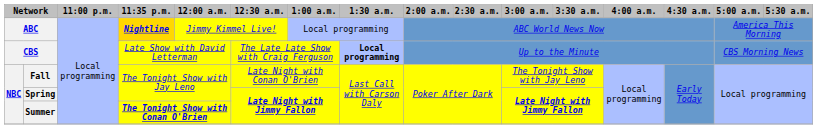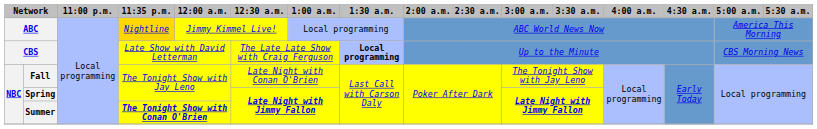 <table class="wikitable" style="width:100%;margin-right:0;text-align:center">
 <tr>
 <th colspan="2" style="background-color:#C0C0C0;text-align:center">Network</th>
 <th style="background-color:#C0C0C0;text-align:center">11:00 p.m.</th>
 <th style="background-color:#C0C0C0;text-align:center">11:35 p.m.</th>
 <th style="background-color:#C0C0C0;text-align:center">12:00 a.m.</th>
 <th style="background-color:#C0C0C0;text-align:center">12:30 a.m.</th>
 <th style="background-color:#C0C0C0;text-align:center">1:00 a.m.</th>
 <th style="background-color:#C0C0C0;text-align:center">1:30 a.m.</th>
 <th style="background-color:#C0C0C0;text-align:center">2:00 a.m.</th>
 <th style="background-color:#C0C0C0;text-align:center">2:30 a.m.</th>
 <th style="background-color:#C0C0C0;text-align:center">3:00 a.m.</th>
 <th style="background-color:#C0C0C0;text-align:center">3:30 a.m.</th>
 <th style="background-color:#C0C0C0;text-align:center">4:00 a.m.</th>
 <th style="background-color:#C0C0C0;text-align:center">4:30 a.m.</th>
 <th style="background-color:#C0C0C0;text-align:center">5:00 a.m.</th>
 <th style="background-color:#C0C0C0;text-align:center">5:30 a.m.</th>
 </tr>
 <tr>
 <th colspan="2"><a href='#'>ABC</a></th>
 <td style="background:#abbfff;" rowspan="5">Local programming</td>
-<td style="background:gold"><strong><em><a href='#'>Nightline</a></em></strong></td>
+<td style="background:gold"><em><a href='#'>Nightline</a></em></td>
 <td colspan="2" style="background:yellow"><em><a href='#'>Jimmy Kimmel Live!</a></em> </td>
 <td colspan="2" style="background:#abbfff;">Local programming</td>
 <td colspan="6" style="background:#6699CC"><em><a href='#'>ABC World News Now</a></em></td>
 <td colspan="2"style="background:#6699CC;"><em><a href='#'>America This Morning</a></em></td>
 </tr>
 <tr>
 <th colspan="2"><a href='#'>CBS</a></th>
 <td colspan="2" style="background:yellow"><em><a href='#'>Late Show with David Letterman</a></em></td>
 <td colspan="2" style="background:yellow"><em><a href='#'>The Late Late Show with Craig Ferguson</a></em> </td>
 <td style="background:#abbfff;"><strong>Local programming</strong></td>
 <td colspan="6" style="background:#6699CC;"><em><a href='#'>Up to the Minute</a></em></td>
 <td colspan="2" style="background:#6699CC;"><em><a href='#'>CBS Morning News</a></em></td>
 </tr>
 <tr>
 <th rowspan="3"><a href='#'>NBC</a></th>
 <th>Fall</th>
 <td colspan="2" rowspan="2" style="background:yellow"><em><a href='#'>The Tonight Show with Jay Leno</a></em></td>
 <td colspan="2" style="background:yellow"><em><a href='#'>Late Night with Conan O'Brien</a></em></td>
 <td rowspan="3" style="background:yellow"><em><a href='#'>Last Call with Carson Daly</a></em></td>
 <td colspan="2" rowspan="3" style="background:yellow"><em><a href='#'>Poker After Dark</a></em></td>
 <td colspan="2" style="background:yellow"><em><a href='#'>The Tonight Show with Jay Leno</a></em> </td>
 <td rowspan="3" style="background:#abbfff;">Local programming</td>
 <td rowspan="3" style="background:#6699CC;"><em><a href='#'>Early Today</a></em></td>
 <td colspan="2" rowspan="3" style="background:#abbfff;">Local programming</td>
 </tr>
 <tr>
 <th>Spring</th>
 <td colspan="2" rowspan="2" style="background:yellow"><strong><em><a href='#'>Late Night with Jimmy Fallon</a></em></strong></td>
 <td colspan="2" rowspan="2" style="background:yellow"><strong><em><a href='#'>Late Night with Jimmy Fallon</a></em></strong> </td>
 </tr>
 <tr>
 <th>Summer</th>
 <td colspan="2" style="background:yellow"><strong><em><a href='#'>The Tonight Show with Conan O'Brien</a></em></strong></td>
 </tr>
 <tr>
 </tr>
 </table>
